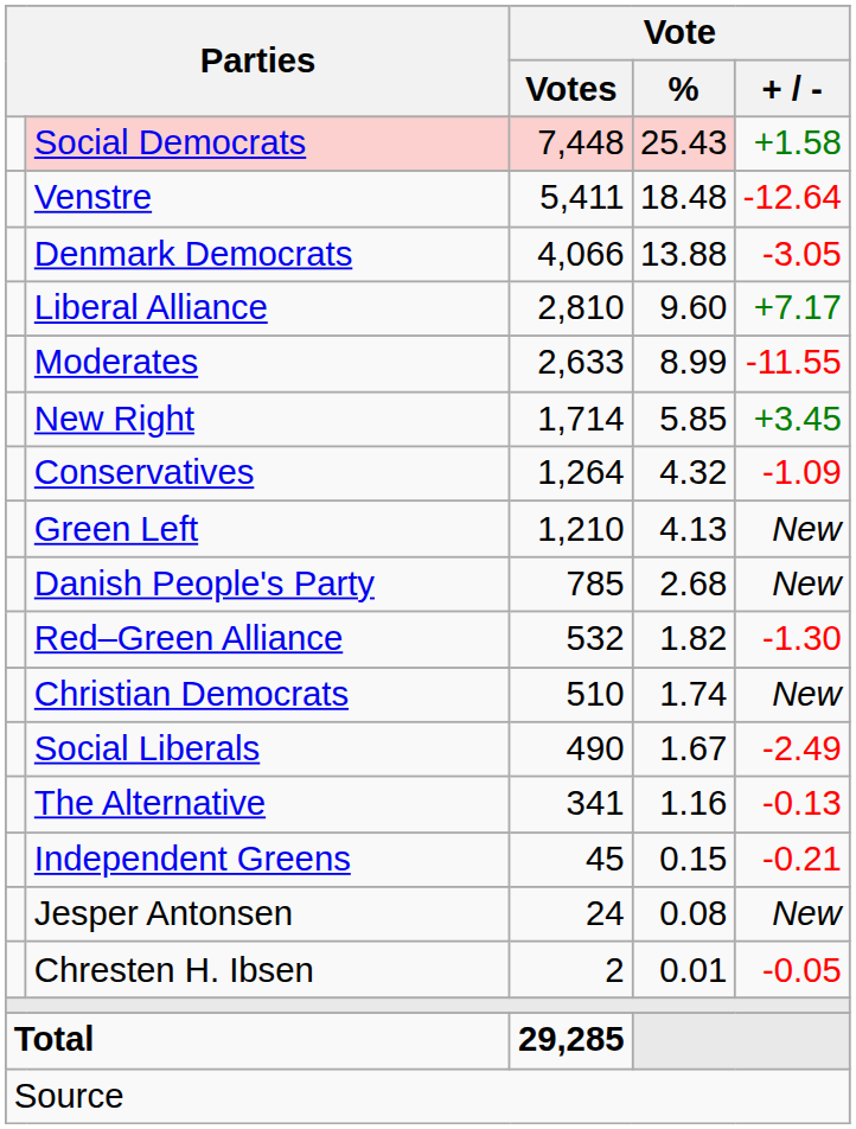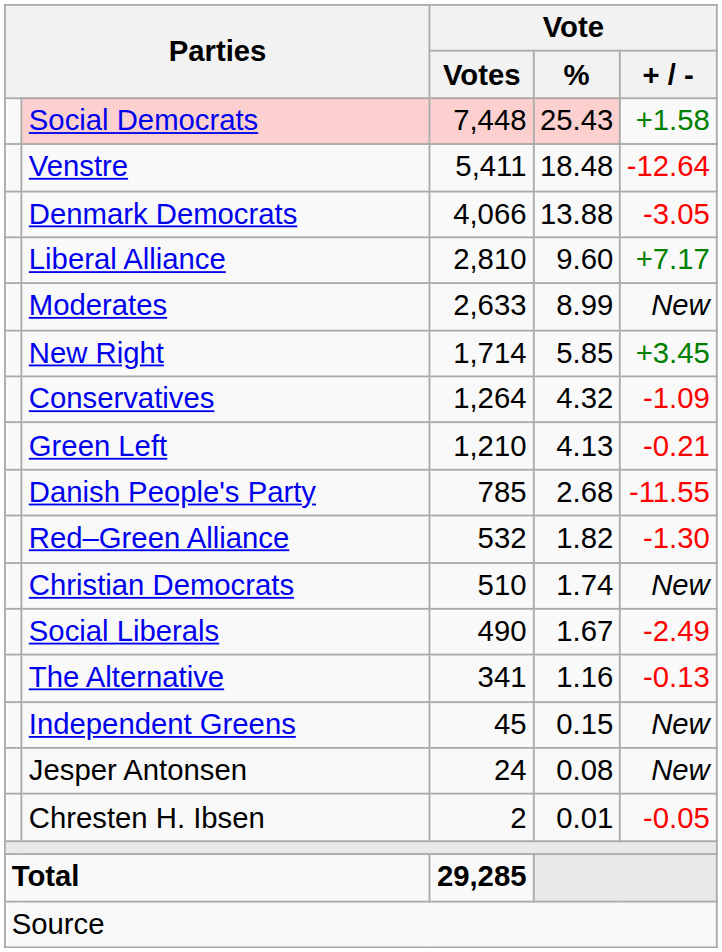 <table class="wikitable" style="text-align:right;">
 <tr>
 <th style="text-align:centre;" rowspan="2" colspan="2" width="225">Parties</th>
 <th colspan="3">Vote</th>
 </tr>
 <tr>
 <th width="15">Votes</th>
 <th width="15">%</th>
 <th width="15">+ / -</th>
 </tr>
 <tr>
 <td width="2" style="color:inherit;background:"></td>
 <td bgcolor=#fbd0ce  align="left"><a href='#'>Social Democrats</a></td>
 <td bgcolor=#fbd0ce>7,448</td>
 <td bgcolor=#fbd0ce>25.43</td>
 <td style=color:green;>+1.58</td>
 </tr>
 <tr>
 <td width="2" style="color:inherit;background:"></td>
 <td align="left"><a href='#'>Venstre</a></td>
 <td>5,411</td>
 <td>18.48</td>
 <td style=color:red;>-12.64</td>
 </tr>
 <tr>
 <td width="2" style="color:inherit;background:"></td>
 <td align="left"><a href='#'>Denmark Democrats</a></td>
 <td>4,066</td>
 <td>13.88</td>
 <td style=color:red;>-3.05</td>
 </tr>
 <tr>
 <td width="2" style="color:inherit;background:"></td>
 <td align="left"><a href='#'>Liberal Alliance</a></td>
 <td>2,810</td>
 <td>9.60</td>
 <td style=color:green;>+7.17</td>
 </tr>
 <tr>
 <td width="2" style="color:inherit;background:"></td>
 <td align="left"><a href='#'>Moderates</a></td>
 <td>2,633</td>
 <td>8.99</td>
-<td style=color:red;>-11.55</td>
+<td><em>New</em></td>
 </tr>
 <tr>
 <td width="2" style="color:inherit;background:"></td>
 <td align="left"><a href='#'>New Right</a></td>
 <td>1,714</td>
 <td>5.85</td>
 <td style=color:green;>+3.45</td>
 </tr>
 <tr>
 <td width="2" style="color:inherit;background:"></td>
 <td align="left"><a href='#'>Conservatives</a></td>
 <td>1,264</td>
 <td>4.32</td>
 <td style=color:red;>-1.09</td>
 </tr>
 <tr>
 <td width="2" style="color:inherit;background:"></td>
 <td align="left"><a href='#'>Green Left</a></td>
 <td>1,210</td>
 <td>4.13</td>
-<td><em>New</em></td>
+<td style=color:red;>-0.21</td>
 </tr>
 <tr>
 <td width="2" style="color:inherit;background:"></td>
 <td align="left"><a href='#'>Danish People's Party</a></td>
 <td>785</td>
 <td>2.68</td>
-<td><em>New</em></td>
+<td style=color:red;>-11.55</td>
 </tr>
 <tr>
 <td width="2" style="color:inherit;background:"></td>
 <td align="left"><a href='#'>Red–Green Alliance</a></td>
 <td>532</td>
 <td>1.82</td>
 <td style=color:red;>-1.30</td>
 </tr>
 <tr>
 <td width="2" style="color:inherit;background:"></td>
 <td align="left"><a href='#'>Christian Democrats</a></td>
 <td>510</td>
 <td>1.74</td>
 <td><em>New</em></td>
 </tr>
 <tr>
 <td width="2" style="color:inherit;background:"></td>
 <td align="left"><a href='#'>Social Liberals</a></td>
 <td>490</td>
 <td>1.67</td>
 <td style=color:red;>-2.49</td>
 </tr>
 <tr>
 <td width="2" style="color:inherit;background:"></td>
 <td align="left"><a href='#'>The Alternative</a></td>
 <td>341</td>
 <td>1.16</td>
 <td style=color:red;>-0.13</td>
 </tr>
 <tr>
 <td width="2" style="color:inherit;background:"></td>
 <td align="left"><a href='#'>Independent Greens</a></td>
 <td>45</td>
 <td>0.15</td>
-<td style=color:red;>-0.21</td>
+<td><em>New</em></td>
 </tr>
 <tr>
 <td width="2" style="color:inherit;background:"></td>
 <td align="left">Jesper Antonsen</td>
 <td>24</td>
 <td>0.08</td>
 <td><em>New</em></td>
 </tr>
 <tr>
 <td width="2" style="color:inherit;background:"></td>
 <td align="left">Chresten H. Ibsen</td>
 <td>2</td>
 <td>0.01</td>
 <td style=color:red;>-0.05</td>
 </tr>
 <tr>
 <td colspan="7" bgcolor="#E9E9E9"></td>
 </tr>
 <tr>
 <td align="left" colspan="2"><strong>Total</strong></td>
 <td><strong>29,285</strong></td>
 <td bgcolor="#E9E9E9" colspan="2"></td>
 </tr>
 <tr>
 <td align="left" colspan="6">Source</td>
 </tr>
 </table>
